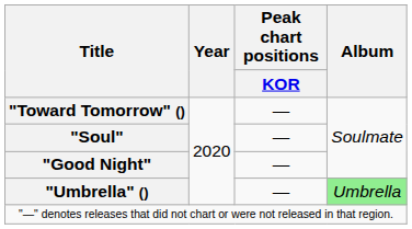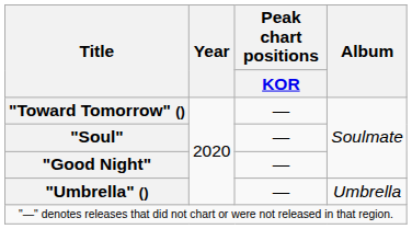 <table class="wikitable plainrowheaders" style="text-align:center;">
 <tr>
 <th scope="col" rowspan="2">Title</th>
 <th scope="col" rowspan="2">Year</th>
 <th scope="col" colspan="1" style="width:5em;">Peak chart positions</th>
 <th scope="col" rowspan="2">Album</th>
 </tr>
 <tr>
 <th><a href='#'>KOR</a><br></th>
 </tr>
 <tr>
 <th scope="row">"Toward Tomorrow" <small>()</small></th>
 <td rowspan="4">2020</td>
 <td>—</td>
 <td rowspan="3"><em>Soulmate</em></td>
 </tr>
 <tr>
 <th scope="row">"Soul"</th>
 <td>—</td>
 </tr>
 <tr>
 <th scope="row">"Good Night"</th>
 <td>—</td>
 </tr>
 <tr>
 <th scope="row">"Umbrella" <small>()</small></th>
 <td>—</td>
-<td style="background: lightgreen;"><em>Umbrella</em></td>
+<td><em>Umbrella</em></td>
 </tr>
 <tr>
 <td colspan="4" style="font-size:8pt">"—" denotes releases that did not chart or were not released in that region.</td>
 </tr>
 </table>
